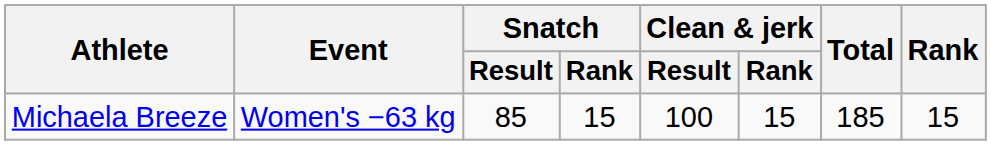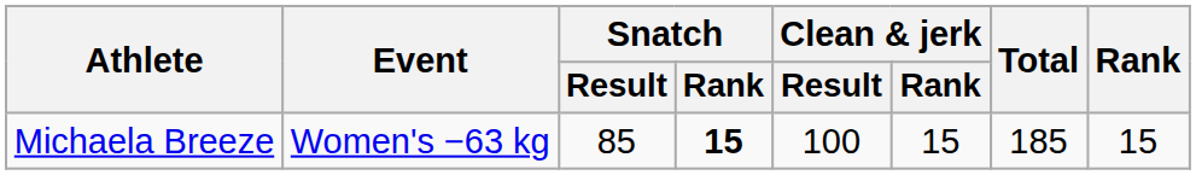 <table class="wikitable" style="font-size:90%">
 <tr>
 <th rowspan="2">Athlete</th>
 <th rowspan="2">Event</th>
 <th colspan="2">Snatch</th>
 <th colspan="2">Clean & jerk</th>
 <th rowspan="2">Total</th>
 <th rowspan="2">Rank</th>
 </tr>
 <tr style="font-size:95%">
 <th>Result</th>
 <th>Rank</th>
 <th>Result</th>
 <th>Rank</th>
 </tr>
 <tr align=center>
 <td align=left><a href='#'>Michaela Breeze</a></td>
 <td align=left><a href='#'>Women's −63 kg</a></td>
 <td>85</td>
-<td>15</td>
+<td><strong>15</strong></td>
 <td>100</td>
 <td>15</td>
 <td>185</td>
 <td>15</td>
 </tr>
 </table>
